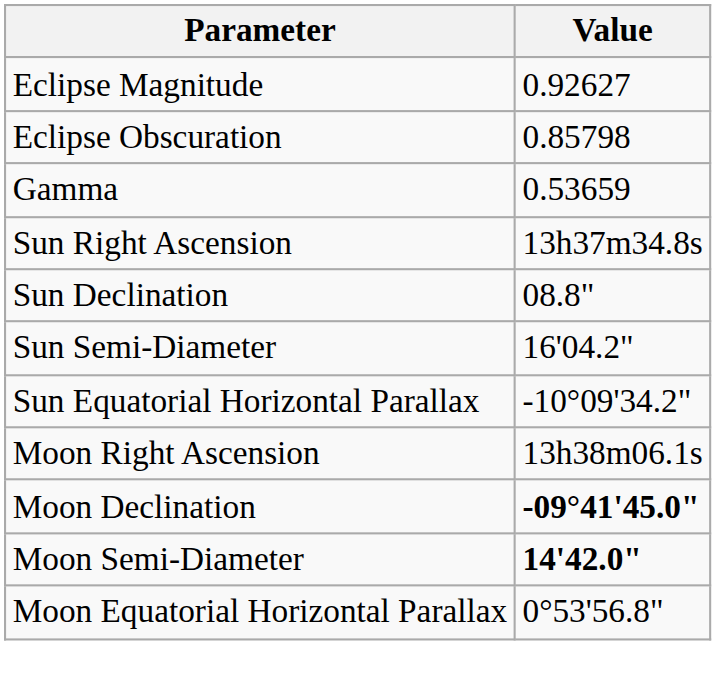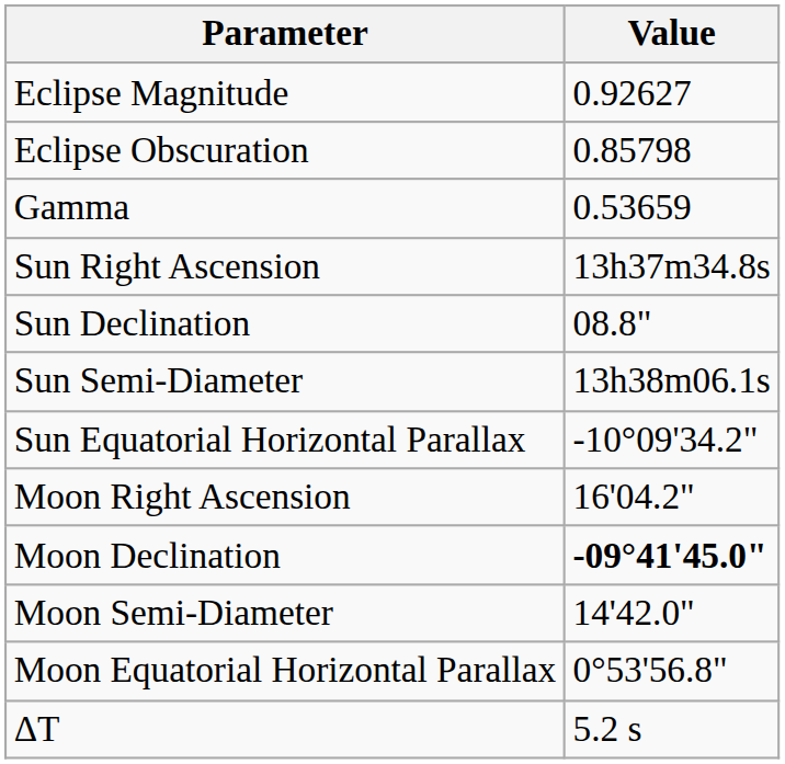 <table class="wikitable">
 <tr>
 <th>Parameter</th>
 <th>Value</th>
 </tr>
 <tr>
 <td>Eclipse Magnitude</td>
 <td>0.92627</td>
 </tr>
 <tr>
 <td>Eclipse Obscuration</td>
 <td>0.85798</td>
 </tr>
 <tr>
 <td>Gamma</td>
 <td>0.53659</td>
 </tr>
 <tr>
 <td>Sun Right Ascension</td>
 <td>13h37m34.8s</td>
 </tr>
 <tr>
 <td>Sun Declination</td>
 <td>08.8"</td>
 </tr>
 <tr>
 <td>Sun Semi-Diameter</td>
-<td>16'04.2"</td>
+<td>13h38m06.1s</td>
 </tr>
 <tr>
 <td>Sun Equatorial Horizontal Parallax</td>
 <td>-10°09'34.2"</td>
 </tr>
 <tr>
 <td>Moon Right Ascension</td>
-<td>13h38m06.1s</td>
+<td>16'04.2"</td>
 </tr>
 <tr>
 <td>Moon Declination</td>
 <td><strong>-09°41'45.0"</strong></td>
 </tr>
 <tr>
 <td>Moon Semi-Diameter</td>
-<td><strong>14'42.0"</strong></td>
+<td>14'42.0"</td>
 </tr>
 <tr>
 <td>Moon Equatorial Horizontal Parallax</td>
 <td>0°53'56.8"</td>
 </tr>
+<tr>
+<td>ΔT</td>
+<td>5.2 s</td>
+</tr>
 </table>
